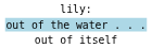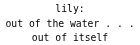 <table style="text-align:center; margin: 1em auto 1em auto;" border="0">
 <tr>
 <td>lily:</td>
 </tr>
 <tr>
-<td style="background: lightblue;">out of the water . . .</td>
+<td>out of the water . . .</td>
 </tr>
 <tr>
 <td>out of itself</td>
 </tr>
 </table>
